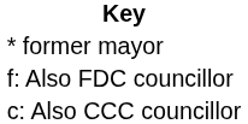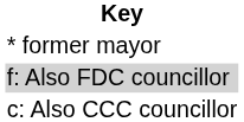 <table>
 <tr>
 <th>Key</th>
 </tr>
 <tr>
 <td>* former mayor</td>
 </tr>
 <tr>
-<td>f: Also FDC councillor</td>
+<td style="background: lightgrey;">f: Also FDC councillor</td>
 </tr>
 <tr>
 <td>c: Also CCC councillor</td>
 </tr>
 </table>
